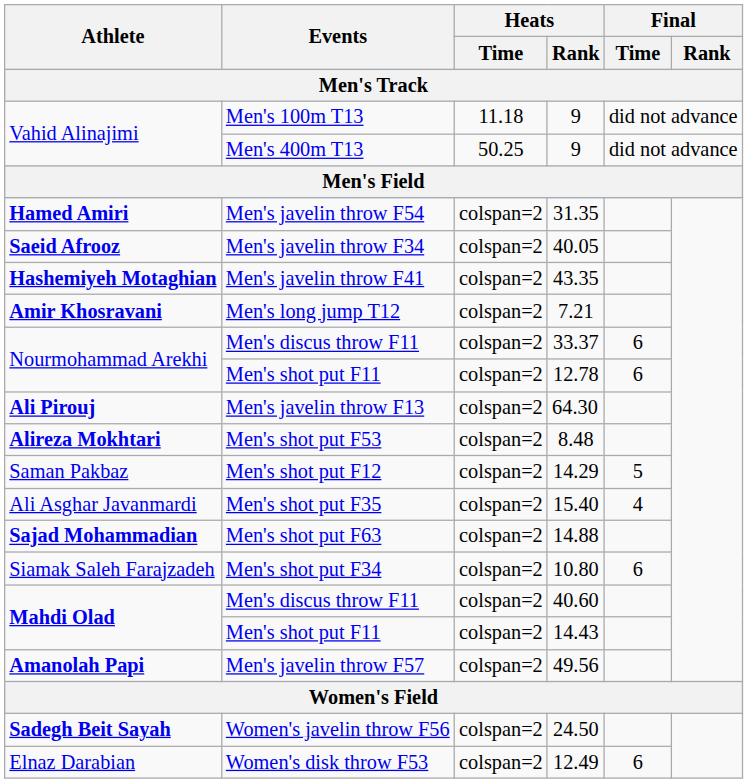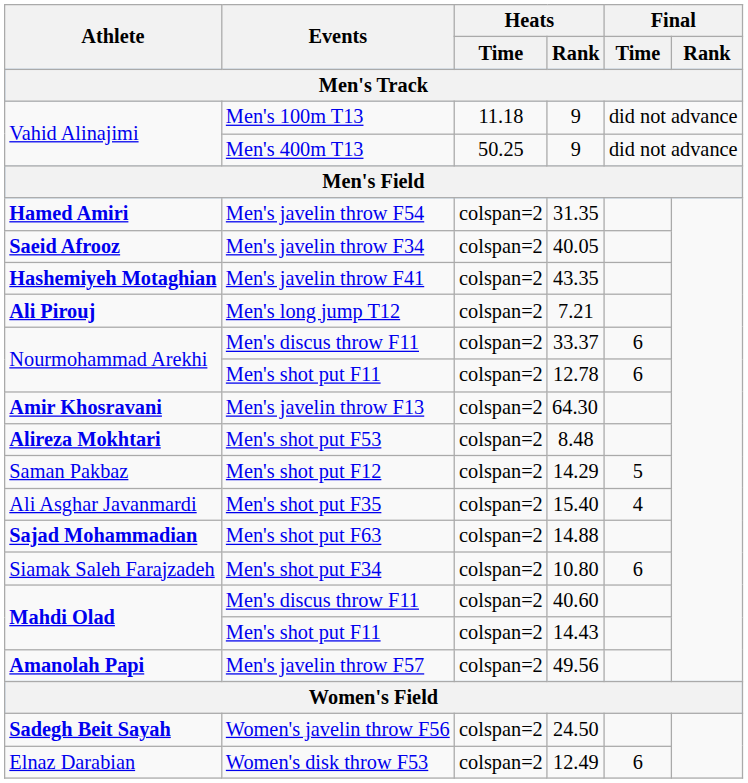 <table class=wikitable>
 <tr>
 <th rowspan="2">Athlete</th>
 <th rowspan="2">Events</th>
 <th colspan="2">Heats</th>
 <th colspan="2">Final</th>
 </tr>
 <tr>
 <th>Time</th>
 <th>Rank</th>
 <th>Time</th>
 <th>Rank</th>
 </tr>
 <tr style="background:#9acdff;">
 <th colspan=7>Men's Track</th>
 </tr>
 <tr>
 <td rowspan=2 align=left><a href='#'>Vahid Alinajimi</a></td>
 <td><a href='#'>Men's 100m T13</a></td>
 <td align=center>11.18 </td>
 <td align=center>9</td>
 <td colspan=2>did not advance</td>
 </tr>
 <tr>
 <td><a href='#'>Men's 400m T13</a></td>
 <td align=center>50.25 </td>
 <td align=center>9</td>
 <td colspan=2>did not advance</td>
 </tr>
 <tr style="background:#9acdff;">
 <th colspan=7>Men's Field</th>
 </tr>
 <tr>
 <td><strong><a href='#'>Hamed Amiri</a></strong></td>
 <td><a href='#'>Men's javelin throw F54</a></td>
 <td>colspan=2 </td>
 <td align=center>31.35</td>
 <td align=center> <strong></strong></td>
 </tr>
 <tr>
 <td><strong><a href='#'>Saeid Afrooz</a></strong></td>
 <td><a href='#'>Men's javelin throw F34</a></td>
 <td>colspan=2 </td>
 <td align=center>40.05</td>
 <td align=center> <strong></strong></td>
 </tr>
 <tr>
 <td><strong><a href='#'>Hashemiyeh Motaghian</a></strong></td>
 <td><a href='#'>Men's javelin throw F41</a></td>
 <td>colspan=2 </td>
 <td align=center>43.35</td>
 <td align=center> <strong></strong></td>
 </tr>
 <tr>
-<td><strong><a href='#'>Amir Khosravani</a></strong></td>
+<td><strong><a href='#'>Ali Pirouj</a></strong></td>
 <td><a href='#'>Men's long jump T12</a></td>
 <td>colspan=2 </td>
 <td align=center>7.21</td>
 <td align=center> <strong></strong></td>
 </tr>
 <tr>
 <td rowspan=2 align=left><a href='#'>Nourmohammad Arekhi</a></td>
 <td><a href='#'>Men's discus throw F11</a></td>
 <td>colspan=2 </td>
 <td align=center>33.37</td>
 <td align=center>6 <strong></strong></td>
 </tr>
 <tr>
 <td><a href='#'>Men's shot put F11</a></td>
 <td>colspan=2 </td>
 <td align=center>12.78</td>
 <td align=center>6 <strong></strong></td>
 </tr>
 <tr>
-<td><strong><a href='#'>Ali Pirouj</a></strong></td>
+<td><strong><a href='#'>Amir Khosravani</a></strong></td>
 <td><a href='#'>Men's javelin throw F13</a></td>
 <td>colspan=2 </td>
 <td>64.30</td>
 <td align=center> <strong></strong></td>
 </tr>
 <tr>
 <td><strong><a href='#'>Alireza Mokhtari</a></strong></td>
 <td><a href='#'>Men's shot put F53</a></td>
 <td>colspan=2 </td>
 <td align=center>8.48</td>
 <td align=center> <strong></strong></td>
 </tr>
 <tr>
 <td><a href='#'>Saman Pakbaz</a></td>
 <td><a href='#'>Men's shot put F12</a></td>
 <td>colspan=2 </td>
 <td align=center>14.29</td>
 <td align=center>5</td>
 </tr>
 <tr>
 <td><a href='#'>Ali Asghar Javanmardi</a></td>
 <td><a href='#'>Men's shot put F35</a></td>
 <td>colspan=2 </td>
 <td align=center>15.40</td>
 <td align=center>4</td>
 </tr>
 <tr>
 <td><strong><a href='#'>Sajad Mohammadian</a></strong></td>
 <td><a href='#'>Men's shot put F63</a></td>
 <td>colspan=2 </td>
 <td align=center>14.88</td>
 <td align=center> <strong></strong></td>
 </tr>
 <tr>
 <td><a href='#'>Siamak Saleh Farajzadeh</a></td>
 <td><a href='#'>Men's shot put F34</a></td>
 <td>colspan=2 </td>
 <td align=center>10.80</td>
 <td align=center>6 <strong></strong></td>
 </tr>
 <tr>
 <td rowspan=2 align=left><strong><a href='#'>Mahdi Olad</a></strong></td>
 <td><a href='#'>Men's discus throw F11</a></td>
 <td>colspan=2 </td>
 <td align=center>40.60</td>
 <td align=center> <strong></strong></td>
 </tr>
 <tr>
 <td><a href='#'>Men's shot put F11</a></td>
 <td>colspan=2 </td>
 <td align=center>14.43</td>
 <td align=center> <strong></strong></td>
 </tr>
 <tr>
 <td><strong><a href='#'>Amanolah Papi</a></strong></td>
 <td><a href='#'>Men's javelin throw F57</a></td>
 <td>colspan=2 </td>
 <td align=center>49.56</td>
 <td align=center> <strong></strong></td>
 </tr>
 <tr style="background:#9acdff;">
 <th colspan=7>Women's Field</th>
 </tr>
 <tr>
 <td><strong><a href='#'>Sadegh Beit Sayah</a></strong></td>
 <td><a href='#'>Women's javelin throw F56</a></td>
 <td>colspan=2 </td>
 <td align=center>24.50</td>
 <td align=center> <strong></strong></td>
 </tr>
 <tr>
 <td><a href='#'>Elnaz Darabian</a></td>
 <td><a href='#'>Women's disk throw F53</a></td>
 <td>colspan=2 </td>
 <td align=center>12.49</td>
 <td align=center>6 <strong></strong></td>
 </tr>
 </table>
